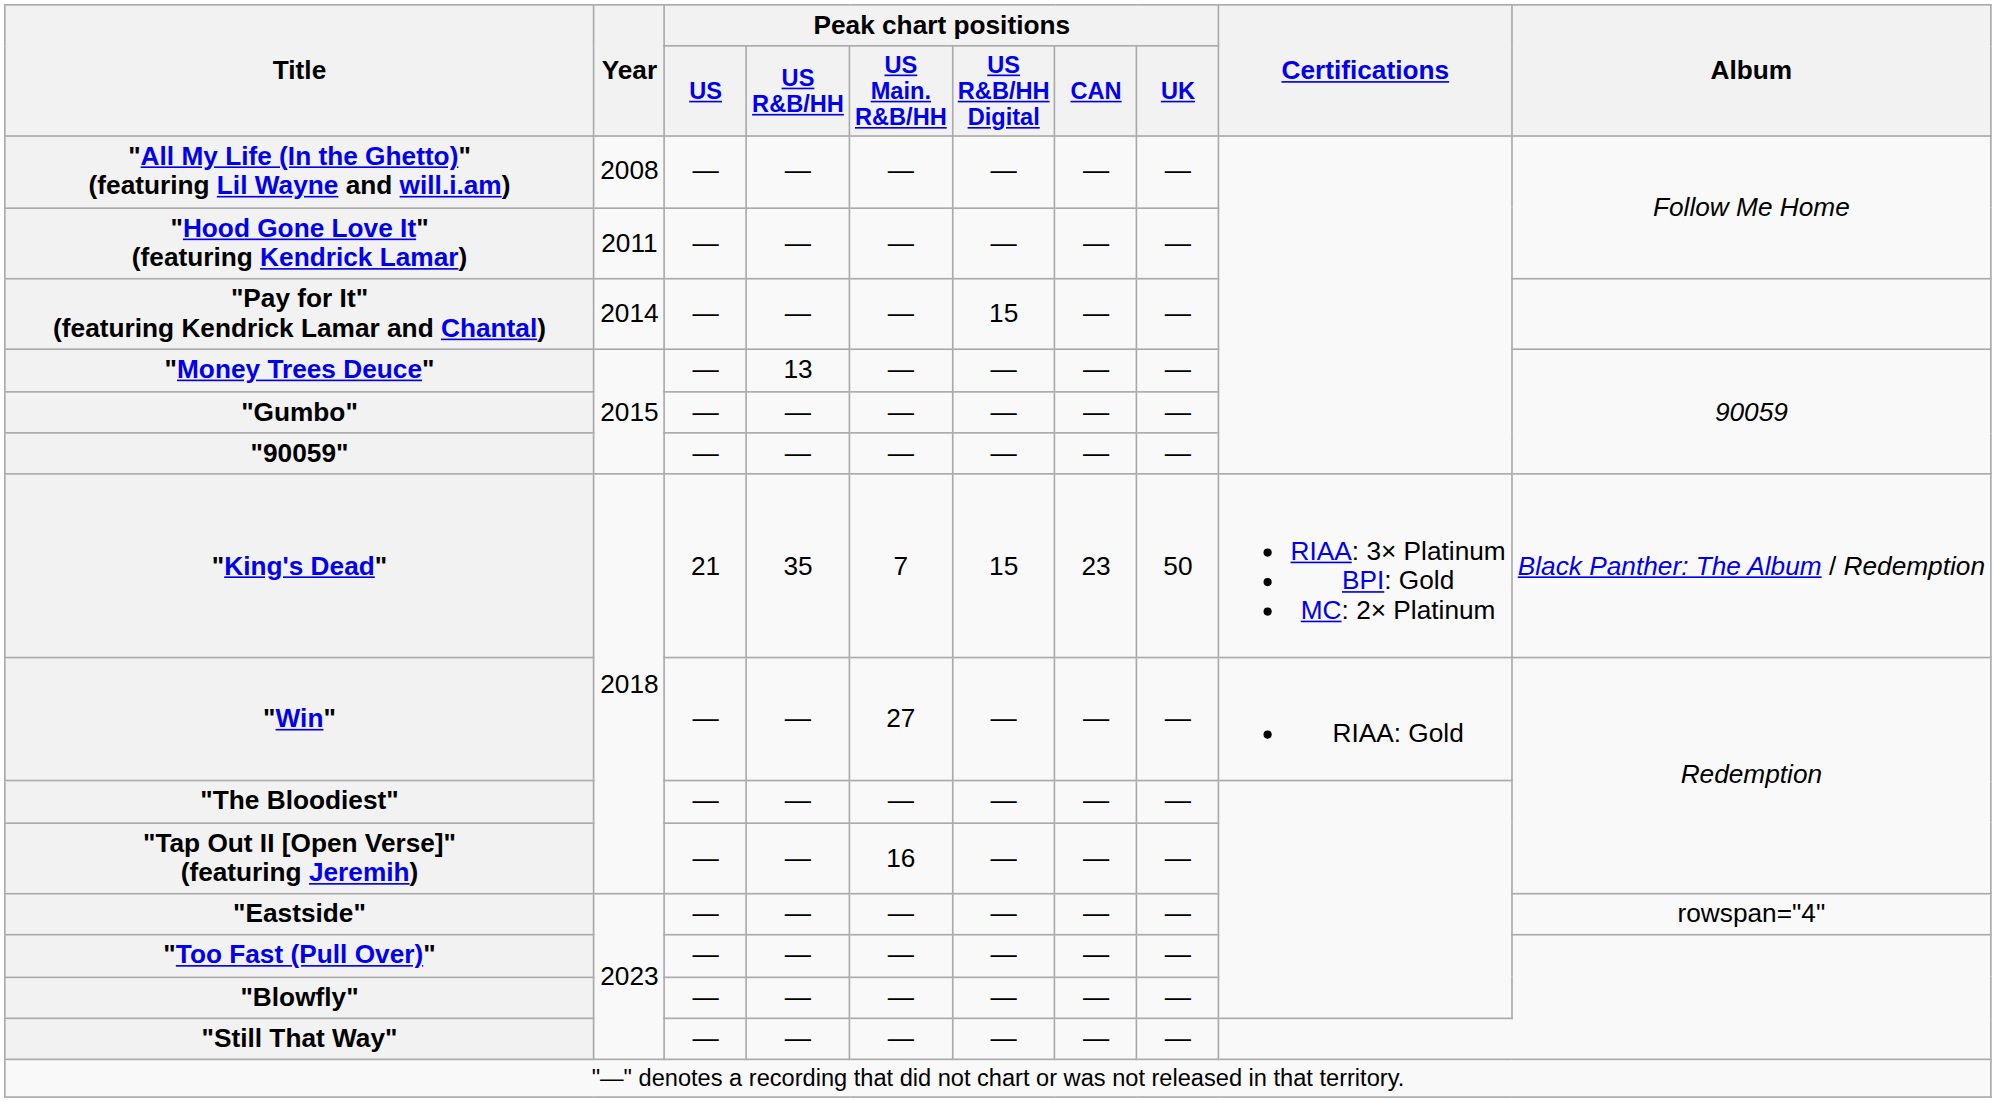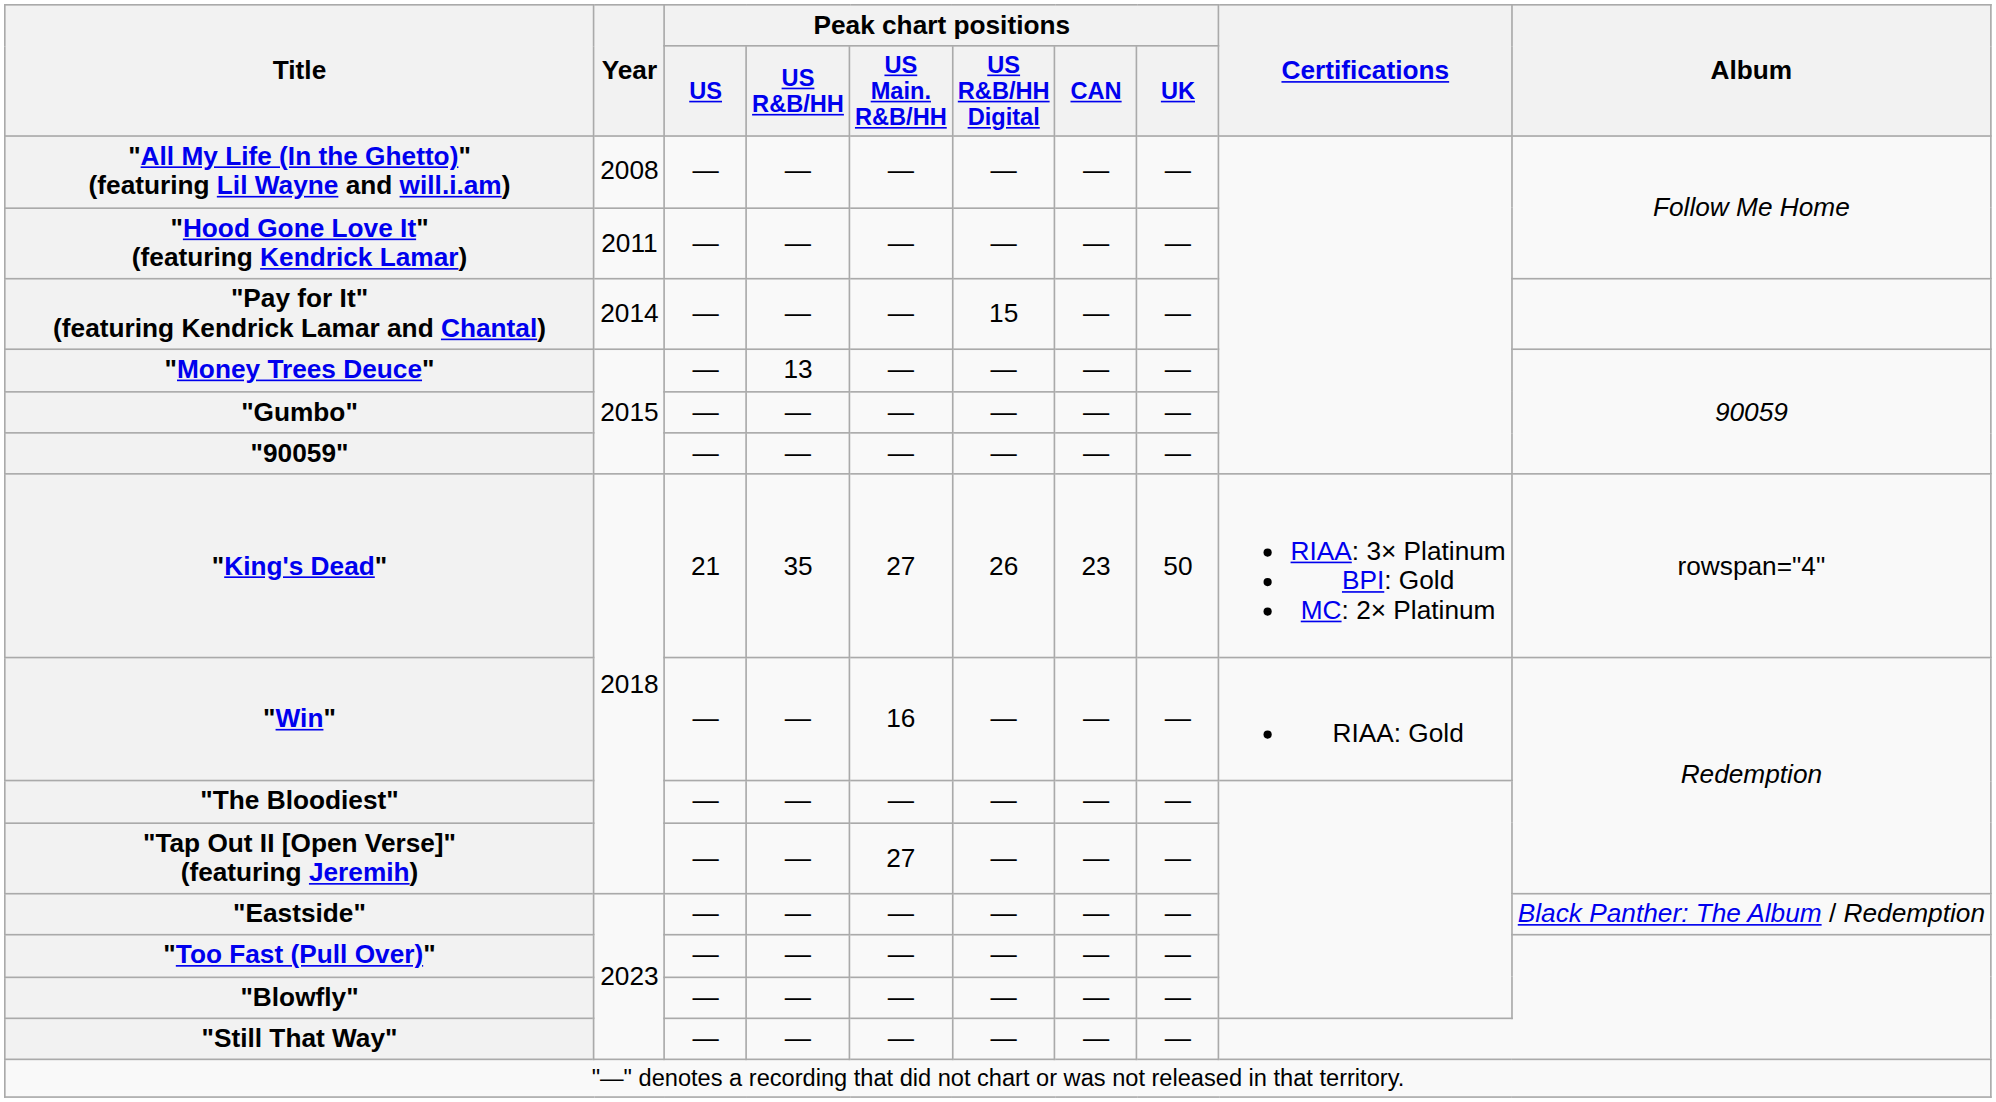 <table class="wikitable plainrowheaders" style="text-align:center;">
 <tr>
 <th scope="col" rowspan="2" style="width:22em;">Title</th>
 <th scope="col" rowspan="2">Year</th>
 <th scope="col" colspan="6">Peak chart positions</th>
 <th scope="col" rowspan="2"><a href='#'>Certifications</a></th>
 <th scope="col" rowspan="2">Album</th>
 </tr>
 <tr>
 <th scope="col" style="width:3em;font-size:90%;"><a href='#'>US</a><br></th>
 <th scope="col" style="width:3em;font-size:90%;"><a href='#'>US<br>R&B/HH</a><br></th>
 <th scope="col" style="width:3em;font-size:90%;"><a href='#'>US<br>Main.<br>R&B/HH</a><br></th>
 <th scope="col" style="width:3em;font-size:90%;"><a href='#'>US R&B/HH Digital</a><br></th>
 <th scope="col" style="width:3em;font-size:90%;"><a href='#'>CAN</a><br></th>
 <th scope="col" style="width:3em;font-size:90%;"><a href='#'>UK</a><br></th>
 </tr>
 <tr>
 <th scope="row">"<a href='#'>All My Life (In the Ghetto)</a>"<br><span>(featuring <a href='#'>Lil Wayne</a> and <a href='#'>will.i.am</a>)</span></th>
 <td>2008</td>
 <td>—</td>
 <td>—</td>
 <td>—</td>
 <td>—</td>
 <td>—</td>
 <td>—</td>
 <td rowspan="6"></td>
 <td rowspan="2"><em>Follow Me Home</em></td>
 </tr>
 <tr>
 <th scope="row">"<a href='#'>Hood Gone Love It</a>"<br><span>(featuring <a href='#'>Kendrick Lamar</a>)</span></th>
 <td>2011</td>
 <td>—</td>
 <td>—</td>
 <td>—</td>
 <td>—</td>
 <td>—</td>
 <td>—</td>
 </tr>
 <tr>
 <th scope="row">"Pay for It"<br><span>(featuring Kendrick Lamar and <a href='#'>Chantal</a>)</span></th>
 <td>2014</td>
 <td>—</td>
 <td>—</td>
 <td>—</td>
 <td>15</td>
 <td>—</td>
 <td>—</td>
 <td></td>
 </tr>
 <tr>
 <th scope="row">"<a href='#'>Money Trees Deuce</a>"</th>
 <td rowspan="3">2015</td>
 <td>—</td>
 <td>13</td>
 <td>—</td>
 <td>—</td>
 <td>—</td>
 <td>—</td>
 <td rowspan="3"><em>90059</em></td>
 </tr>
 <tr>
 <th scope="row">"Gumbo"</th>
 <td>—</td>
 <td>—</td>
 <td>—</td>
 <td>—</td>
 <td>—</td>
 <td>—</td>
 </tr>
 <tr>
 <th scope="row">"90059"</th>
 <td>—</td>
 <td>—</td>
 <td>—</td>
 <td>—</td>
 <td>—</td>
 <td>—</td>
 </tr>
 <tr>
 <th scope="row">"<a href='#'>King's Dead</a>"<br></th>
 <td rowspan="4">2018</td>
 <td>21</td>
 <td>35</td>
-<td>7</td>
-<td>15</td>
+<td>27</td>
+<td>26</td>
 <td>23</td>
 <td>50</td>
 <td><br><ul><li><a href='#'>RIAA</a>: 3× Platinum</li><li><a href='#'>BPI</a>: Gold</li><li><a href='#'>MC</a>: 2× Platinum</li></ul></td>
-<td><em><a href='#'>Black Panther: The Album</a></em> / <em>Redemption</em></td>
+<td>rowspan="4" </td>
 </tr>
 <tr>
 <th scope="row">"<a href='#'>Win</a>"</th>
 <td>—</td>
 <td>—</td>
-<td>27</td>
+<td>16</td>
 <td>—</td>
 <td>—</td>
 <td>—</td>
 <td><br><ul><li>RIAA: Gold</li></ul></td>
 <td rowspan="3"><em>Redemption</em></td>
 </tr>
 <tr>
 <th scope="row">"The Bloodiest"</th>
 <td>—</td>
 <td>—</td>
 <td>—</td>
 <td>—</td>
 <td>—</td>
 <td>—</td>
 <td rowspan="5"></td>
 </tr>
 <tr>
 <th scope="row">"Tap Out II [Open Verse]"<br><span>(featuring <a href='#'>Jeremih</a>)</span></th>
 <td>—</td>
 <td>—</td>
-<td>16</td>
+<td>27</td>
 <td>—</td>
 <td>—</td>
 <td>—</td>
 </tr>
 <tr>
 <th scope="row">"Eastside"<br></th>
 <td rowspan="4">2023</td>
 <td>—</td>
 <td>—</td>
 <td>—</td>
 <td>—</td>
 <td>—</td>
 <td>—</td>
-<td>rowspan="4" </td>
+<td><em><a href='#'>Black Panther: The Album</a></em> / <em>Redemption</em></td>
 </tr>
 <tr>
 <th scope="row">"<a href='#'>Too Fast (Pull Over)</a>"<br></th>
 <td>—</td>
 <td>—</td>
 <td>—</td>
 <td>—</td>
 <td>—</td>
 <td>—</td>
 </tr>
 <tr>
 <th scope="row">"Blowfly"<br></th>
 <td>—</td>
 <td>—</td>
 <td>—</td>
 <td>—</td>
 <td>—</td>
 <td>—</td>
 </tr>
 <tr>
 <th scope="row">"Still That Way"</th>
 <td>—</td>
 <td>—</td>
 <td>—</td>
 <td>—</td>
 <td>—</td>
 <td>—</td>
 </tr>
 <tr>
 <td colspan="10" style="font-size:90%">"—" denotes a recording that did not chart or was not released in that territory.</td>
 </tr>
 </table>
